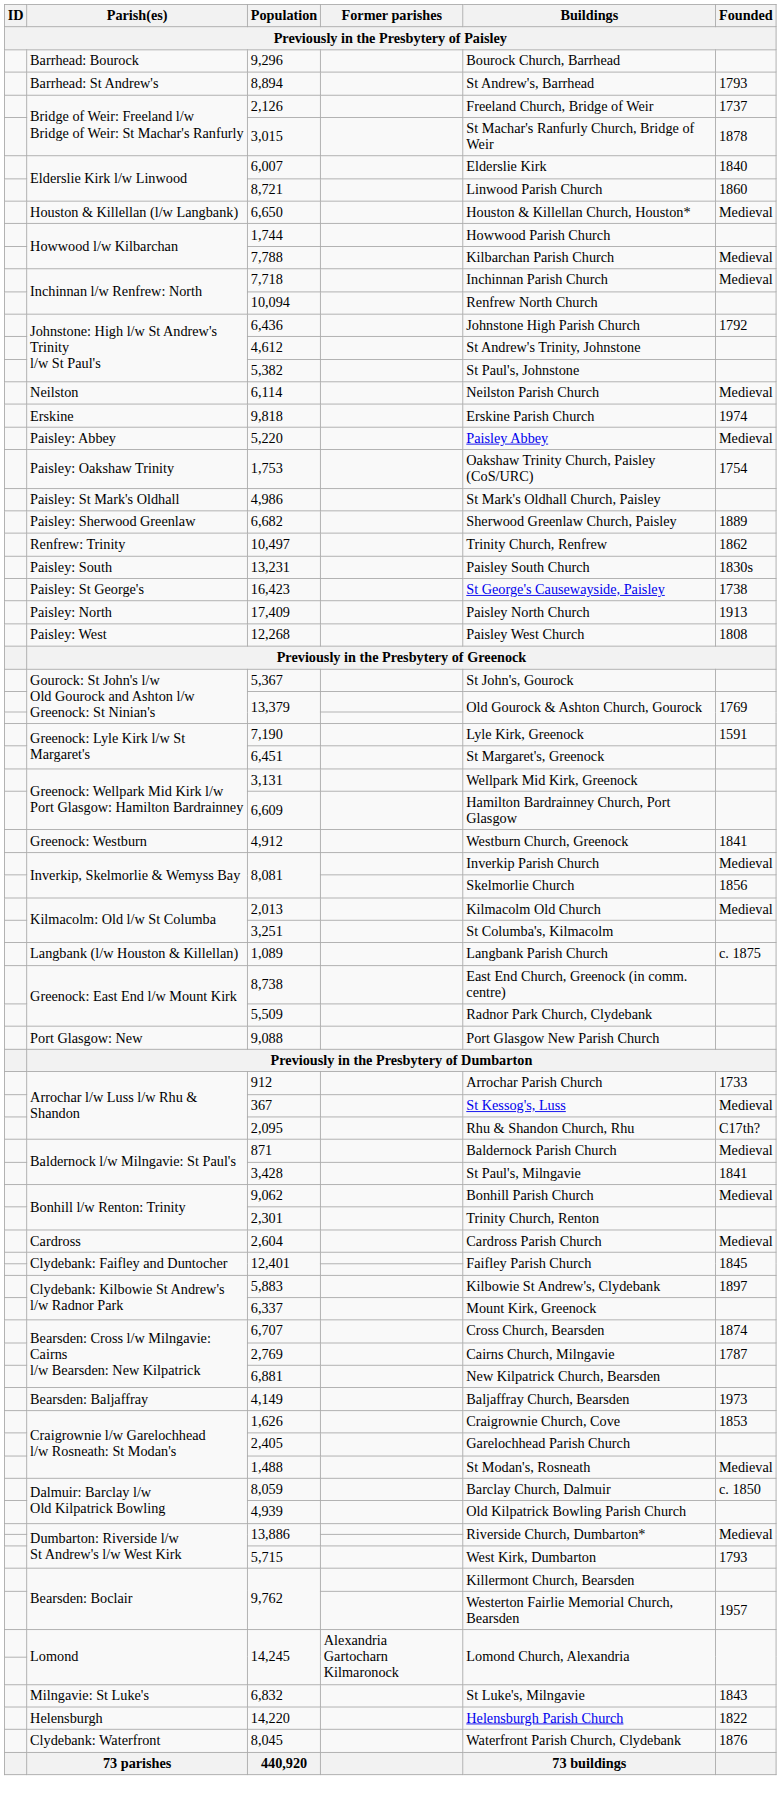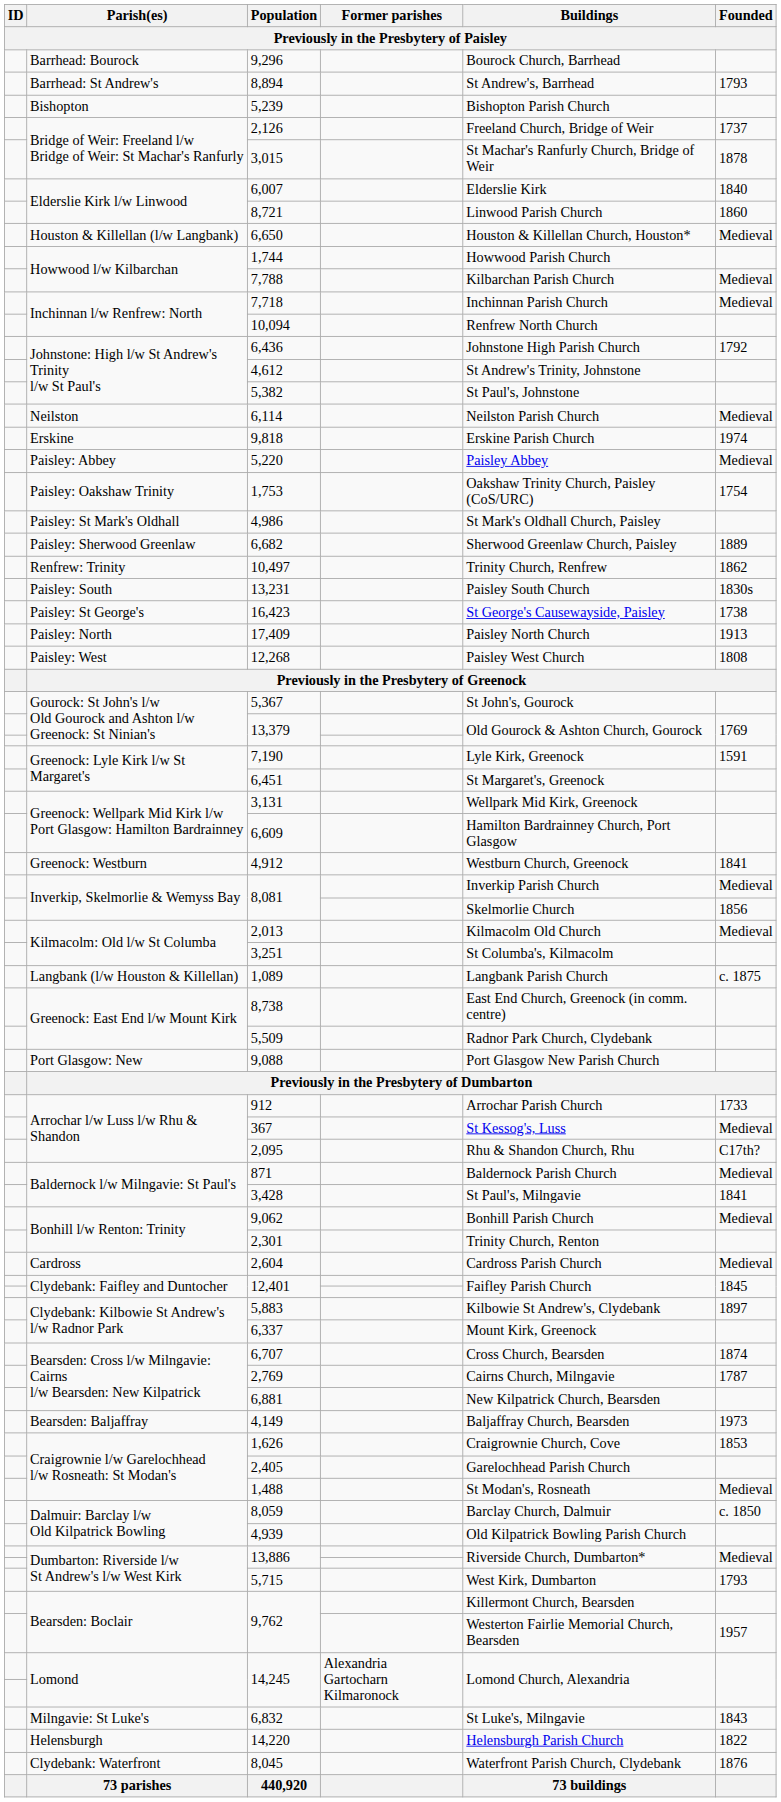 <table class="wikitable">
 <tr>
 <th>ID</th>
 <th>Parish(es)</th>
 <th>Population</th>
 <th>Former parishes</th>
 <th>Buildings</th>
 <th>Founded</th>
 </tr>
 <tr>
 <th colspan="6">Previously in the Presbytery of Paisley</th>
 </tr>
 <tr>
 <td></td>
 <td>Barrhead: Bourock</td>
 <td>9,296</td>
 <td></td>
 <td>Bourock Church, Barrhead</td>
 <td></td>
 </tr>
 <tr>
 <td></td>
 <td>Barrhead: St Andrew's</td>
 <td>8,894</td>
 <td></td>
 <td>St Andrew's, Barrhead</td>
 <td>1793</td>
+</tr>
+<tr>
+<td></td>
+<td>Bishopton</td>
+<td>5,239</td>
+<td></td>
+<td>Bishopton Parish Church</td>
+<td></td>
 </tr>
 <tr>
 <td></td>
 <td rowspan="2">Bridge of Weir: Freeland l/w<br>Bridge of Weir: St Machar's Ranfurly</td>
 <td>2,126</td>
 <td></td>
 <td>Freeland Church, Bridge of Weir</td>
 <td>1737</td>
 </tr>
 <tr>
 <td></td>
 <td>3,015</td>
 <td></td>
 <td>St Machar's Ranfurly Church, Bridge of Weir</td>
 <td>1878</td>
 </tr>
 <tr>
 <td></td>
 <td rowspan="2">Elderslie Kirk l/w Linwood</td>
 <td>6,007</td>
 <td></td>
 <td>Elderslie Kirk</td>
 <td>1840</td>
 </tr>
 <tr>
 <td></td>
 <td>8,721</td>
 <td></td>
 <td>Linwood Parish Church</td>
 <td>1860</td>
 </tr>
 <tr>
 <td></td>
 <td>Houston & Killellan (l/w Langbank)</td>
 <td>6,650</td>
 <td></td>
 <td>Houston & Killellan Church, Houston*</td>
 <td>Medieval</td>
 </tr>
 <tr>
 <td></td>
 <td rowspan="2">Howwood l/w Kilbarchan</td>
 <td>1,744</td>
 <td></td>
 <td>Howwood Parish Church</td>
 <td></td>
 </tr>
 <tr>
 <td></td>
 <td>7,788</td>
 <td></td>
 <td>Kilbarchan Parish Church</td>
 <td>Medieval</td>
 </tr>
 <tr>
 <td></td>
 <td rowspan="2">Inchinnan l/w Renfrew: North</td>
 <td>7,718</td>
 <td></td>
 <td>Inchinnan Parish Church</td>
 <td>Medieval</td>
 </tr>
 <tr>
 <td></td>
 <td>10,094</td>
 <td></td>
 <td>Renfrew North Church</td>
 <td></td>
 </tr>
 <tr>
 <td></td>
 <td rowspan="3">Johnstone: High l/w St Andrew's Trinity<br>l/w St Paul's</td>
 <td>6,436</td>
 <td></td>
 <td>Johnstone High Parish Church</td>
 <td>1792</td>
 </tr>
 <tr>
 <td></td>
 <td>4,612</td>
 <td></td>
 <td>St Andrew's Trinity, Johnstone</td>
 <td></td>
 </tr>
 <tr>
 <td></td>
 <td>5,382</td>
 <td></td>
 <td>St Paul's, Johnstone</td>
 <td></td>
 </tr>
 <tr>
 <td></td>
 <td>Neilston</td>
 <td>6,114</td>
 <td></td>
 <td>Neilston Parish Church</td>
 <td>Medieval</td>
 </tr>
 <tr>
 <td></td>
 <td>Erskine</td>
 <td>9,818</td>
 <td></td>
 <td>Erskine Parish Church</td>
 <td>1974</td>
 </tr>
 <tr>
 <td></td>
 <td>Paisley: Abbey</td>
 <td>5,220</td>
 <td></td>
 <td><a href='#'>Paisley Abbey</a></td>
 <td>Medieval</td>
 </tr>
 <tr>
 <td></td>
 <td>Paisley: Oakshaw Trinity</td>
 <td>1,753</td>
 <td></td>
 <td>Oakshaw Trinity Church, Paisley (CoS/URC)</td>
 <td>1754</td>
 </tr>
 <tr>
 <td></td>
 <td>Paisley: St Mark's Oldhall</td>
 <td>4,986</td>
 <td></td>
 <td>St Mark's Oldhall Church, Paisley</td>
 <td></td>
 </tr>
 <tr>
 <td></td>
 <td>Paisley: Sherwood Greenlaw</td>
 <td>6,682</td>
 <td></td>
 <td>Sherwood Greenlaw Church, Paisley</td>
 <td>1889</td>
 </tr>
 <tr>
 <td></td>
 <td>Renfrew: Trinity</td>
 <td>10,497</td>
 <td></td>
 <td>Trinity Church, Renfrew</td>
 <td>1862</td>
 </tr>
 <tr>
 <td></td>
 <td>Paisley: South</td>
 <td>13,231</td>
 <td></td>
 <td>Paisley South Church</td>
 <td>1830s</td>
 </tr>
 <tr>
 <td></td>
 <td>Paisley: St George's</td>
 <td>16,423</td>
 <td></td>
 <td><a href='#'>St George's Causewayside, Paisley</a></td>
 <td>1738</td>
 </tr>
 <tr>
 <td></td>
 <td>Paisley: North</td>
 <td>17,409</td>
 <td></td>
 <td>Paisley North Church</td>
 <td>1913</td>
 </tr>
 <tr>
 <td></td>
 <td>Paisley: West</td>
 <td>12,268</td>
 <td></td>
 <td>Paisley West Church</td>
 <td>1808</td>
 </tr>
 <tr>
 <th></th>
 <th colspan="5">Previously in the Presbytery of Greenock</th>
 </tr>
 <tr>
 <td></td>
 <td rowspan="3">Gourock: St John's l/w<br>Old Gourock and Ashton l/w<br>Greenock: St Ninian's</td>
 <td>5,367</td>
 <td></td>
 <td>St John's, Gourock</td>
 <td></td>
 </tr>
 <tr>
 <td></td>
 <td rowspan="2">13,379</td>
 <td></td>
 <td rowspan="2">Old Gourock & Ashton Church, Gourock</td>
 <td rowspan="2">1769</td>
 </tr>
 <tr>
 <td></td>
 <td></td>
 </tr>
 <tr>
 <td></td>
 <td rowspan="2">Greenock: Lyle Kirk l/w St Margaret's</td>
 <td>7,190</td>
 <td></td>
 <td>Lyle Kirk, Greenock</td>
 <td>1591</td>
 </tr>
 <tr>
 <td></td>
 <td>6,451</td>
 <td></td>
 <td>St Margaret's, Greenock</td>
 <td></td>
 </tr>
 <tr>
 <td></td>
 <td rowspan="2">Greenock: Wellpark Mid Kirk l/w<br>Port Glasgow: Hamilton Bardrainney</td>
 <td>3,131</td>
 <td></td>
 <td>Wellpark Mid Kirk, Greenock</td>
 <td></td>
 </tr>
 <tr>
 <td></td>
 <td>6,609</td>
 <td></td>
 <td>Hamilton Bardrainney Church, Port Glasgow</td>
 <td></td>
 </tr>
 <tr>
 <td></td>
 <td>Greenock: Westburn</td>
 <td>4,912</td>
 <td></td>
 <td>Westburn Church, Greenock</td>
 <td>1841</td>
 </tr>
 <tr>
 <td></td>
 <td rowspan="2">Inverkip, Skelmorlie & Wemyss Bay</td>
 <td rowspan="2">8,081</td>
 <td></td>
 <td>Inverkip Parish Church</td>
 <td>Medieval</td>
 </tr>
 <tr>
 <td></td>
 <td></td>
 <td>Skelmorlie Church</td>
 <td>1856</td>
 </tr>
 <tr>
 <td></td>
 <td rowspan="2">Kilmacolm: Old l/w St Columba</td>
 <td>2,013</td>
 <td></td>
 <td>Kilmacolm Old Church</td>
 <td>Medieval</td>
 </tr>
 <tr>
 <td></td>
 <td>3,251</td>
 <td></td>
 <td>St Columba's, Kilmacolm</td>
 <td></td>
 </tr>
 <tr>
 <td></td>
 <td>Langbank (l/w Houston & Killellan)</td>
 <td>1,089</td>
 <td></td>
 <td>Langbank Parish Church</td>
 <td>c. 1875</td>
 </tr>
 <tr>
 <td></td>
 <td rowspan="2">Greenock: East End l/w Mount Kirk</td>
 <td>8,738</td>
 <td></td>
 <td>East End Church, Greenock (in comm. centre)</td>
 <td></td>
 </tr>
 <tr>
 <td></td>
 <td>5,509</td>
 <td></td>
 <td>Radnor Park Church, Clydebank</td>
 <td></td>
 </tr>
 <tr>
 <td></td>
 <td>Port Glasgow: New</td>
 <td>9,088</td>
 <td></td>
 <td>Port Glasgow New Parish Church</td>
 <td></td>
 </tr>
 <tr>
 <th></th>
 <th colspan="5">Previously in the Presbytery of Dumbarton</th>
 </tr>
 <tr>
 <td></td>
 <td rowspan="3">Arrochar l/w Luss l/w Rhu & Shandon</td>
 <td>912</td>
 <td></td>
 <td>Arrochar Parish Church</td>
 <td>1733</td>
 </tr>
 <tr>
 <td></td>
 <td>367</td>
 <td></td>
 <td><a href='#'>St Kessog's, Luss</a></td>
 <td>Medieval</td>
 </tr>
 <tr>
 <td></td>
 <td>2,095</td>
 <td></td>
 <td>Rhu & Shandon Church, Rhu</td>
 <td>C17th?</td>
 </tr>
 <tr>
 <td></td>
 <td rowspan="2">Baldernock l/w Milngavie: St Paul's</td>
 <td>871</td>
 <td></td>
 <td>Baldernock Parish Church</td>
 <td>Medieval</td>
 </tr>
 <tr>
 <td></td>
 <td>3,428</td>
 <td></td>
 <td>St Paul's, Milngavie</td>
 <td>1841</td>
 </tr>
 <tr>
 <td></td>
 <td rowspan="2">Bonhill l/w Renton: Trinity</td>
 <td>9,062</td>
 <td></td>
 <td>Bonhill Parish Church</td>
 <td>Medieval</td>
 </tr>
 <tr>
 <td></td>
 <td>2,301</td>
 <td></td>
 <td>Trinity Church, Renton</td>
 <td></td>
 </tr>
 <tr>
 <td></td>
 <td>Cardross</td>
 <td>2,604</td>
 <td></td>
 <td>Cardross Parish Church</td>
 <td>Medieval</td>
 </tr>
 <tr>
 <td></td>
 <td rowspan="2">Clydebank: Faifley and Duntocher</td>
 <td rowspan="2">12,401</td>
 <td></td>
 <td rowspan="2">Faifley Parish Church</td>
 <td rowspan="2">1845</td>
 </tr>
 <tr>
 <td></td>
 <td></td>
 </tr>
 <tr>
 <td></td>
 <td rowspan="2">Clydebank: Kilbowie St Andrew's<br>l/w Radnor Park</td>
 <td>5,883</td>
 <td></td>
 <td>Kilbowie St Andrew's, Clydebank</td>
 <td>1897</td>
 </tr>
 <tr>
 <td></td>
 <td>6,337</td>
 <td></td>
 <td>Mount Kirk, Greenock</td>
 <td></td>
 </tr>
 <tr>
 <td></td>
 <td rowspan="3">Bearsden: Cross l/w Milngavie: Cairns<br>l/w Bearsden: New Kilpatrick</td>
 <td>6,707</td>
 <td></td>
 <td>Cross Church, Bearsden</td>
 <td>1874</td>
 </tr>
 <tr>
 <td></td>
 <td>2,769</td>
 <td></td>
 <td>Cairns Church, Milngavie</td>
 <td>1787</td>
 </tr>
 <tr>
 <td></td>
 <td>6,881</td>
 <td></td>
 <td>New Kilpatrick Church, Bearsden</td>
 <td></td>
 </tr>
 <tr>
 <td></td>
 <td>Bearsden: Baljaffray</td>
 <td>4,149</td>
 <td></td>
 <td>Baljaffray Church, Bearsden</td>
 <td>1973</td>
 </tr>
 <tr>
 <td></td>
 <td rowspan="3">Craigrownie l/w Garelochhead<br>l/w Rosneath: St Modan's</td>
 <td>1,626</td>
 <td></td>
 <td>Craigrownie Church, Cove</td>
 <td>1853</td>
 </tr>
 <tr>
 <td></td>
 <td>2,405</td>
 <td></td>
 <td>Garelochhead Parish Church</td>
 <td></td>
 </tr>
 <tr>
 <td></td>
 <td>1,488</td>
 <td></td>
 <td>St Modan's, Rosneath</td>
 <td>Medieval</td>
 </tr>
 <tr>
 <td></td>
 <td rowspan="2">Dalmuir: Barclay l/w<br>Old Kilpatrick Bowling</td>
 <td>8,059</td>
 <td></td>
 <td>Barclay Church, Dalmuir</td>
 <td>c. 1850</td>
 </tr>
 <tr>
 <td></td>
 <td>4,939</td>
 <td></td>
 <td>Old Kilpatrick Bowling Parish Church</td>
 <td></td>
 </tr>
 <tr>
 <td></td>
 <td rowspan="3">Dumbarton: Riverside l/w<br>St Andrew's l/w West Kirk</td>
 <td rowspan="2">13,886</td>
 <td></td>
 <td rowspan="2">Riverside Church, Dumbarton*</td>
 <td rowspan="2">Medieval</td>
 </tr>
 <tr>
 <td></td>
 <td></td>
 </tr>
 <tr>
 <td></td>
 <td>5,715</td>
 <td></td>
 <td>West Kirk, Dumbarton</td>
 <td>1793</td>
 </tr>
 <tr>
 <td></td>
 <td rowspan="2">Bearsden: Boclair</td>
 <td rowspan="2">9,762</td>
 <td></td>
 <td>Killermont Church, Bearsden</td>
 <td></td>
 </tr>
 <tr>
 <td></td>
 <td></td>
 <td>Westerton Fairlie Memorial Church, Bearsden</td>
 <td>1957</td>
 </tr>
 <tr>
 <td></td>
 <td rowspan="2">Lomond</td>
 <td rowspan="2">14,245</td>
 <td rowspan="2">Alexandria<br>Gartocharn Kilmaronock</td>
 <td rowspan="2">Lomond Church, Alexandria</td>
 <td rowspan="2"></td>
 </tr>
 <tr>
 <td></td>
 </tr>
 <tr>
 <td></td>
 <td>Milngavie: St Luke's</td>
 <td>6,832</td>
 <td></td>
 <td>St Luke's, Milngavie</td>
 <td>1843</td>
 </tr>
 <tr>
 <td></td>
 <td>Helensburgh</td>
 <td>14,220</td>
 <td></td>
 <td><a href='#'>Helensburgh Parish Church</a></td>
 <td>1822</td>
 </tr>
 <tr>
 <td></td>
 <td>Clydebank: Waterfront</td>
 <td>8,045</td>
 <td></td>
 <td>Waterfront Parish Church, Clydebank</td>
 <td>1876</td>
 </tr>
 <tr>
 <th></th>
 <th>73 parishes</th>
 <th>440,920</th>
 <th></th>
 <th>73 buildings</th>
 <th></th>
 </tr>
 </table>
